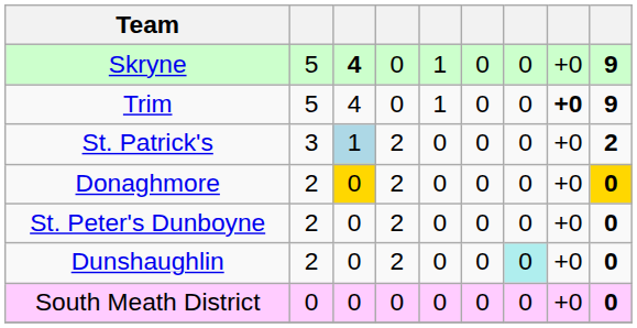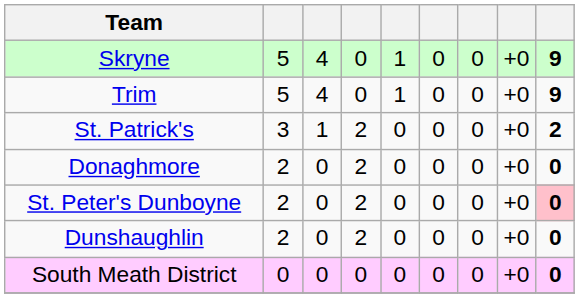 <table class="wikitable" style="text-align:center">
 <tr>
 <th style="width:175px;">Team</th>
 <th width="20"></th>
 <th width="20"></th>
 <th width="20"></th>
 <th width="20"></th>
 <th width="20"></th>
 <th width="20"></th>
 <th width="20"></th>
 <th width="20"></th>
 </tr>
 <tr style="background:#cfc;">
 <td><a href='#'>Skryne</a></td>
 <td>5</td>
-<td><strong>4</strong></td>
+<td>4</td>
 <td>0</td>
 <td>1</td>
 <td>0</td>
 <td>0</td>
 <td>+0</td>
 <td><strong>9</strong></td>
 </tr>
 <tr>
 <td><a href='#'>Trim</a></td>
 <td>5</td>
 <td>4</td>
 <td>0</td>
 <td>1</td>
 <td>0</td>
 <td>0</td>
-<td><strong>+0</strong></td>
+<td>+0</td>
 <td><strong>9</strong></td>
 </tr>
 <tr>
 <td><a href='#'>St. Patrick's</a></td>
 <td>3</td>
-<td style="background: lightblue;">1</td>
+<td>1</td>
 <td>2</td>
 <td>0</td>
 <td>0</td>
 <td>0</td>
 <td>+0</td>
 <td><strong>2</strong></td>
 </tr>
 <tr>
 <td><a href='#'>Donaghmore</a></td>
 <td>2</td>
-<td style="background: gold;">0</td>
+<td>0</td>
 <td>2</td>
 <td>0</td>
 <td>0</td>
 <td>0</td>
 <td>+0</td>
-<td style="background: gold;"><strong>0</strong></td>
+<td><strong>0</strong></td>
 </tr>
 <tr>
 <td><a href='#'>St. Peter's Dunboyne</a></td>
 <td>2</td>
 <td>0</td>
 <td>2</td>
 <td>0</td>
 <td>0</td>
 <td>0</td>
 <td>+0</td>
-<td><strong>0</strong></td>
+<td style="background: pink;"><strong>0</strong></td>
 </tr>
 <tr>
 <td><a href='#'>Dunshaughlin</a></td>
 <td>2</td>
 <td>0</td>
 <td>2</td>
 <td>0</td>
 <td>0</td>
-<td style="background: paleturquoise;">0</td>
+<td>0</td>
 <td>+0</td>
 <td><strong>0</strong></td>
 </tr>
 <tr style="background:#fcf;">
 <td>South Meath District</td>
 <td>0</td>
 <td>0</td>
 <td>0</td>
 <td>0</td>
 <td>0</td>
 <td>0</td>
 <td>+0</td>
 <td><strong>0</strong></td>
 </tr>
 <tr>
 </tr>
 </table>
